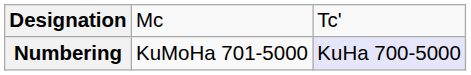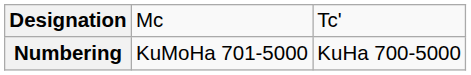 <table class="wikitable">
 <tr>
 <th>Designation</th>
 <td>Mc</td>
 <td>Tc'</td>
 </tr>
 <tr>
 <th>Numbering</th>
 <td>KuMoHa 701-5000</td>
-<td style="background: lavender;">KuHa 700-5000</td>
+<td>KuHa 700-5000</td>
 </tr>
 </table>
